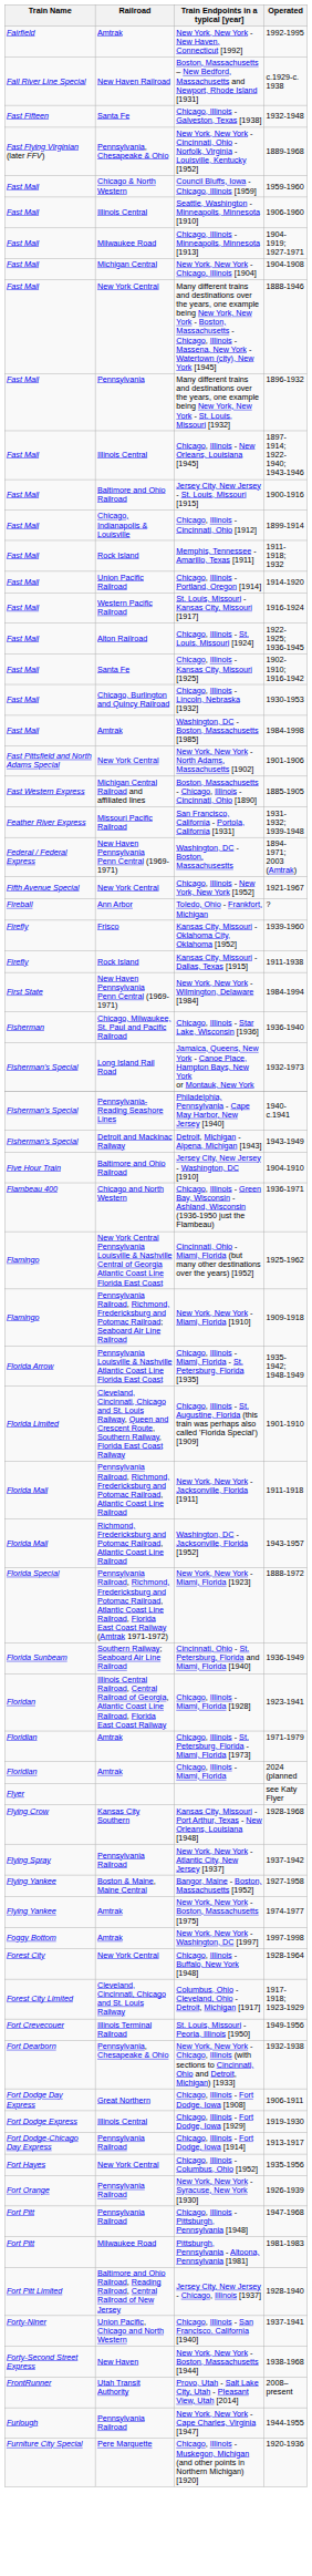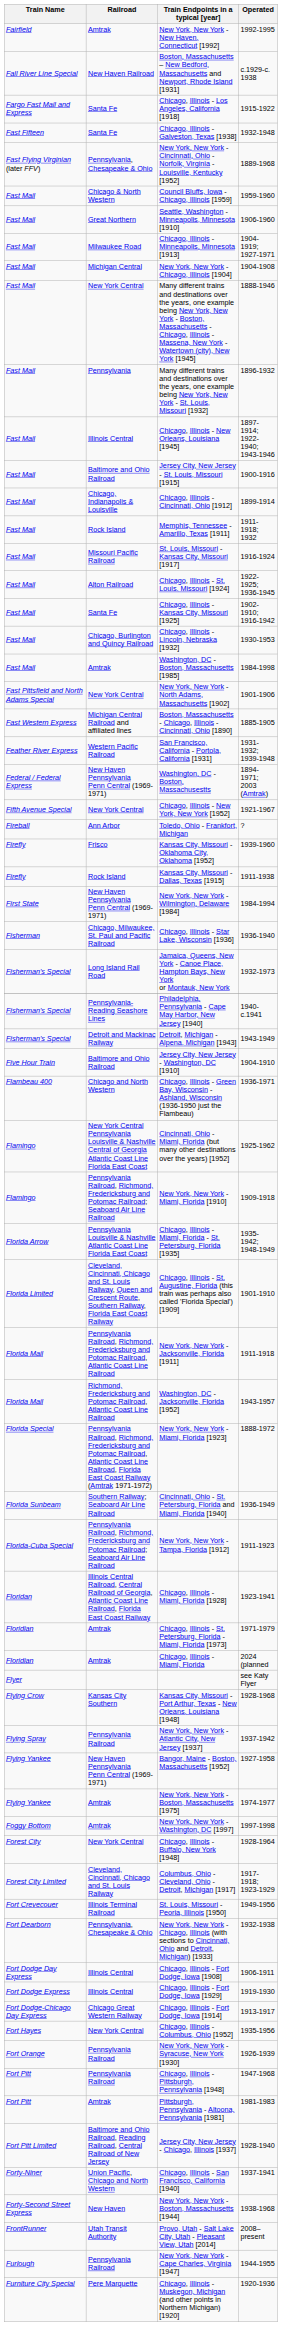 <table class="wikitable">
 <tr valign="top">
 <th width="175px">Train Name</th>
 <th>Railroad</th>
 <th>Train Endpoints in a typical [year]</th>
 <th>Operated</th>
 </tr>
 <tr valign="top">
 <td><a href='#'><em>Fairfield</em></a></td>
 <td><a href='#'>Amtrak</a></td>
 <td><a href='#'>New York, New York</a> - <a href='#'>New Haven, Connecticut</a> [1992]</td>
 <td>1992-1995</td>
 </tr>
 <tr>
 <td><em><a href='#'>Fall River Line Special</a></em></td>
 <td><a href='#'>New Haven Railroad</a></td>
 <td><a href='#'>Boston, Massachusetts</a> – <a href='#'>New Bedford, Massachusetts</a> and <a href='#'>Newport, Rhode Island</a> [1931]</td>
 <td>c.1929-c. 1938</td>
+</tr>
+<tr>
+<td><em><a href='#'>Fargo Fast Mail and Express</a></em></td>
+<td><a href='#'>Santa Fe</a></td>
+<td><a href='#'>Chicago</a>, <a href='#'>Illinois</a> - <a href='#'>Los Angeles, California</a> [1918]</td>
+<td>1915-1922</td>
 </tr>
 <tr>
 <td><em><a href='#'>Fast Fifteen</a></em></td>
 <td><a href='#'>Santa Fe</a></td>
 <td><a href='#'>Chicago, Illinois</a> - <a href='#'>Galveston, Texas</a> [1938]</td>
 <td>1932-1948</td>
 </tr>
 <tr>
 <td><em><a href='#'>Fast Flying Virginian</a></em> (later <em>FFV</em>)</td>
 <td><a href='#'>Pennsylvania</a>, <a href='#'>Chesapeake & Ohio</a></td>
 <td><a href='#'>New York, New York</a> - <a href='#'>Cincinnati, Ohio</a> - <a href='#'>Norfolk, Virginia</a> - <a href='#'>Louisville, Kentucky</a> [1952]</td>
 <td>1889-1968</td>
 </tr>
 <tr>
 <td><em><a href='#'>Fast Mail</a></em></td>
 <td><a href='#'>Chicago & North Western</a></td>
 <td><a href='#'>Council Bluffs, Iowa</a> - <a href='#'>Chicago, Illinois</a> [1959]</td>
 <td>1959-1960</td>
 </tr>
 <tr>
 <td><em><a href='#'>Fast Mail</a></em></td>
-<td><a href='#'>Illinois Central</a></td>
+<td><a href='#'>Great Northern</a></td>
 <td><a href='#'>Seattle, Washington</a> - <a href='#'>Minneapolis, Minnesota</a> [1910]</td>
 <td>1906-1960</td>
 </tr>
 <tr>
 <td><em><a href='#'>Fast Mail</a></em></td>
 <td><a href='#'>Milwaukee Road</a></td>
 <td><a href='#'>Chicago, Illinois</a> - <a href='#'>Minneapolis, Minnesota</a> [1913]</td>
 <td>1904-1919; 1927-1971</td>
 </tr>
 <tr valign="top">
 <td><em><a href='#'>Fast Mail</a></em></td>
 <td><a href='#'>Michigan Central</a></td>
 <td><a href='#'>New York, New York</a> - <a href='#'>Chicago, Illinois</a> [1904]</td>
 <td>1904-1908</td>
 </tr>
 <tr valign="top">
 <td><em><a href='#'>Fast Mail</a></em></td>
 <td><a href='#'>New York Central</a></td>
 <td>Many different trains and destinations over the years, one example being <a href='#'>New York, New York</a> - <a href='#'>Boston, Massachusetts</a> - <a href='#'>Chicago</a>, <a href='#'>Illinois</a> - <a href='#'>Massena, New York</a> - <a href='#'>Watertown (city), New York</a> [1945]</td>
 <td>1888-1946</td>
 </tr>
 <tr valign="top">
 <td><a href='#'><em>Fast Mail</em></a></td>
 <td><a href='#'>Pennsylvania</a></td>
 <td>Many different trains and destinations over the years, one example being <a href='#'>New York, New York</a> - <a href='#'>St. Louis, Missouri</a> [1932]</td>
 <td>1896-1932</td>
 </tr>
 <tr>
 <td><a href='#'><em>Fast Mail</em></a></td>
 <td><a href='#'>Illinois Central</a></td>
 <td><a href='#'>Chicago</a>, <a href='#'>Illinois</a> - <a href='#'>New Orleans, Louisiana</a> [1945]</td>
 <td>1897-1914; 1922-1940; 1943-1946</td>
 </tr>
 <tr>
 <td><a href='#'><em>Fast Mail</em></a></td>
 <td><a href='#'>Baltimore and Ohio Railroad</a></td>
 <td><a href='#'>Jersey City, New Jersey</a> - <a href='#'>St. Louis, Missouri</a> [1915]</td>
 <td>1900-1916</td>
 </tr>
 <tr>
 <td><a href='#'><em>Fast Mail</em></a></td>
 <td><a href='#'>Chicago, Indianapolis & Louisville</a></td>
 <td><a href='#'>Chicago</a>, <a href='#'>Illinois</a> - <a href='#'>Cincinnati, Ohio</a> [1912]</td>
 <td>1899-1914</td>
 </tr>
 <tr>
 <td><a href='#'><em>Fast Mail</em></a></td>
 <td><a href='#'>Rock Island</a></td>
 <td><a href='#'>Memphis, Tennessee</a> - <a href='#'>Amarillo, Texas</a> [1911]</td>
 <td>1911-1918; 1932</td>
 </tr>
 <tr>
 <td><a href='#'><em>Fast Mail</em></a></td>
-<td><a href='#'>Union Pacific Railroad</a></td>
-<td><a href='#'>Chicago</a>, <a href='#'>Illinois</a> - <a href='#'>Portland, Oregon</a> [1914]</td>
-<td>1914-1920</td>
-</tr>
-<tr>
-<td><a href='#'><em>Fast Mail</em></a></td>
-<td><a href='#'>Western Pacific Railroad</a></td>
+<td><a href='#'>Missouri Pacific Railroad</a></td>
 <td><a href='#'>St. Louis, Missouri</a> - <a href='#'>Kansas City, Missouri</a> [1917]</td>
 <td>1916-1924</td>
 </tr>
 <tr>
 <td><a href='#'><em>Fast Mail</em></a></td>
 <td><a href='#'>Alton Railroad</a></td>
 <td><a href='#'>Chicago</a>, <a href='#'>Illinois</a> - <a href='#'>St. Louis, Missouri</a> [1924]</td>
 <td>1922-1925; 1936-1945</td>
 </tr>
 <tr>
 <td><a href='#'><em>Fast Mail</em></a></td>
 <td><a href='#'>Santa Fe</a></td>
 <td><a href='#'>Chicago</a>, <a href='#'>Illinois</a> - <a href='#'>Kansas City, Missouri</a> [1925]</td>
 <td>1902-1910; 1916-1942</td>
 </tr>
 <tr>
 <td><a href='#'><em>Fast Mail</em></a></td>
 <td><a href='#'>Chicago, Burlington and Quincy Railroad</a></td>
 <td><a href='#'>Chicago</a>, <a href='#'>Illinois</a> - <a href='#'>Lincoln, Nebraska</a> [1932]</td>
 <td>1930-1953</td>
 </tr>
 <tr>
 <td><a href='#'><em>Fast Mail</em></a></td>
 <td><a href='#'>Amtrak</a></td>
 <td><a href='#'>Washington, DC</a> - <a href='#'>Boston, Massachusetts</a> [1985]</td>
 <td>1984-1998</td>
 </tr>
 <tr>
 <td><em><a href='#'>Fast Pittsfield and North Adams Special</a></em></td>
 <td><a href='#'>New York Central</a></td>
 <td><a href='#'>New York, New York</a> - <a href='#'>North Adams, Massachusetts</a> [1902]</td>
 <td>1901-1906</td>
 </tr>
 <tr>
 <td><em><a href='#'>Fast Western Express</a></em></td>
 <td><a href='#'>Michigan Central Railroad</a> and affiliated lines</td>
 <td><a href='#'>Boston, Massachusetts</a> - <a href='#'>Chicago</a>, <a href='#'>Illinois</a> - <a href='#'>Cincinnati, Ohio</a> [1890]</td>
 <td>1885-1905</td>
 </tr>
 <tr>
 <td><em><a href='#'>Feather River Express</a></em></td>
-<td><a href='#'>Missouri Pacific Railroad</a></td>
+<td><a href='#'>Western Pacific Railroad</a></td>
 <td><a href='#'>San Francisco, California</a> - <a href='#'>Portola, California</a> [1931]</td>
 <td>1931-1932; 1939-1948</td>
 </tr>
 <tr>
 <td><a href='#'><em>Federal / Federal Express</em></a></td>
 <td><a href='#'>New Haven</a><br><a href='#'>Pennsylvania</a><br><a href='#'>Penn Central</a> (1969-1971)</td>
 <td><a href='#'>Washington, DC</a> - <a href='#'>Boston, Massachusestts</a></td>
 <td>1894-1971; 2003 (<a href='#'>Amtrak</a>)</td>
 </tr>
 <tr>
 <td><em><a href='#'>Fifth Avenue Special</a></em></td>
 <td><a href='#'>New York Central</a></td>
 <td><a href='#'>Chicago</a>, <a href='#'>Illinois</a> - <a href='#'>New York, New York</a> [1952]</td>
 <td>1921-1967</td>
 </tr>
 <tr valign="top">
 <td><em><a href='#'>Fireball</a></em></td>
 <td><a href='#'>Ann Arbor</a></td>
 <td><a href='#'>Toledo, Ohio</a> - <a href='#'>Frankfort, Michigan</a></td>
 <td>?</td>
 </tr>
 <tr valign="top">
 <td><em><a href='#'>Firefly</a></em></td>
 <td><a href='#'>Frisco</a></td>
 <td><a href='#'>Kansas City, Missouri</a> - <a href='#'>Oklahoma City, Oklahoma</a> [1952]</td>
 <td>1939-1960</td>
 </tr>
 <tr>
 <td><a href='#'><em>Firefly</em></a></td>
 <td><a href='#'>Rock Island</a></td>
 <td><a href='#'>Kansas City, Missouri</a> - <a href='#'>Dallas, Texas</a> [1915]</td>
 <td>1911-1938</td>
 </tr>
 <tr>
 <td><a href='#'><em>First State</em></a></td>
 <td><a href='#'>New Haven</a><br><a href='#'>Pennsylvania</a><br><a href='#'>Penn Central</a> (1969-1971)</td>
 <td><a href='#'>New York, New York</a> - <a href='#'>Wilmington, Delaware</a> [1984]</td>
 <td>1984-1994</td>
 </tr>
 <tr>
 <td><a href='#'><em>Fisherman</em></a></td>
 <td><a href='#'>Chicago, Milwaukee, St. Paul and Pacific Railroad</a></td>
 <td><a href='#'>Chicago</a>, <a href='#'>Illinois</a> - <a href='#'>Star Lake, Wisconsin</a> [1936]</td>
 <td>1936-1940</td>
 </tr>
 <tr>
 <td><em><a href='#'>Fisherman's Special</a></em></td>
 <td><a href='#'>Long Island Rail Road</a></td>
 <td><a href='#'>Jamaica, Queens, New York</a> - <a href='#'>Canoe Place, Hampton Bays, New York</a><br>or <a href='#'>Montauk, New York</a></td>
 <td>1932-1973</td>
 </tr>
 <tr valign="top">
 </tr>
 <tr>
 <td><em><a href='#'>Fisherman's Special</a></em></td>
 <td><a href='#'>Pennsylvania-Reading Seashore Lines</a></td>
 <td><a href='#'>Philadelphia, Pennsylvania</a> - <a href='#'>Cape May Harbor, New Jersey</a> [1940]</td>
 <td>1940-c.1941</td>
 </tr>
 <tr>
 <td><em><a href='#'>Fisherman's Special</a> </em></td>
 <td><a href='#'>Detroit and Mackinac Railway</a></td>
 <td><a href='#'>Detroit</a>, <a href='#'>Michigan</a> - <a href='#'>Alpena, Michigan</a> [1943]</td>
 <td>1943-1949</td>
 </tr>
 <tr>
 <td><em><a href='#'>Five Hour Train</a></em></td>
 <td><a href='#'>Baltimore and Ohio Railroad</a></td>
 <td><a href='#'>Jersey City, New Jersey</a> - <a href='#'>Washington, DC</a> [1910]</td>
 <td>1904-1910</td>
 </tr>
 <tr valign="top">
 <td><em><a href='#'>Flambeau 400</a></em></td>
 <td><a href='#'>Chicago and North Western</a></td>
 <td><a href='#'>Chicago</a>, <a href='#'>Illinois</a> - <a href='#'>Green Bay, Wisconsin</a> - <a href='#'>Ashland, Wisconsin</a> (1936-1950 just the Flambeau)</td>
 <td>1936-1971</td>
 </tr>
 <tr>
 <td><em><a href='#'>Flamingo</a></em></td>
 <td><a href='#'>New York Central</a><br><a href='#'>Pennsylvania</a><br><a href='#'>Louisville & Nashville</a><br><a href='#'>Central of Georgia</a><br><a href='#'>Atlantic Coast Line</a><br><a href='#'>Florida East Coast</a></td>
 <td><a href='#'>Cincinnati, Ohio</a> - <a href='#'>Miami, Florida</a> (but many other destinations over the years) [1952]</td>
 <td>1925-1962</td>
 </tr>
 <tr>
 <td><a href='#'><em>Flamingo</em></a></td>
 <td><a href='#'>Pennsylvania Railroad</a>, <a href='#'>Richmond, Fredericksburg and Potomac Railroad</a>; <a href='#'>Seaboard Air Line Railroad</a></td>
 <td><a href='#'>New York, New York</a> - <a href='#'>Miami, Florida</a> [1910]</td>
 <td>1909-1918</td>
 </tr>
 <tr>
 <td><em><a href='#'>Florida Arrow</a></em></td>
 <td><a href='#'>Pennsylvania</a><br><a href='#'>Louisville & Nashville</a><br><a href='#'>Atlantic Coast Line</a><br><a href='#'>Florida East Coast</a></td>
 <td><a href='#'>Chicago</a>, <a href='#'>Illinois</a> - <a href='#'>Miami, Florida</a> - <a href='#'>St. Petersburg, Florida</a> [1935]</td>
 <td>1935-1942; 1948-1949</td>
 </tr>
 <tr>
 <td><a href='#'><em>Florida Limited</em></a></td>
 <td><a href='#'>Cleveland, Cincinnati, Chicago and St. Louis Railway</a>, <a href='#'>Queen and Crescent Route</a>, <a href='#'>Southern Railway</a>, <a href='#'>Florida East Coast Railway</a></td>
 <td><a href='#'>Chicago</a>, <a href='#'>Illinois</a> - <a href='#'>St. Augustine, Florida</a> (this train was perhaps also called 'Florida Special') [1909]</td>
 <td>1901-1910</td>
 </tr>
 <tr>
 <td><a href='#'><em>Florida Mail</em></a></td>
 <td><a href='#'>Pennsylvania Railroad</a>, <a href='#'>Richmond, Fredericksburg and Potomac Railroad</a>, <a href='#'>Atlantic Coast Line Railroad</a></td>
 <td><a href='#'>New York, New York</a> - <a href='#'>Jacksonville, Florida</a> [1911]</td>
 <td>1911-1918</td>
 </tr>
 <tr>
 <td><a href='#'><em>Florida Mail</em></a></td>
 <td><a href='#'>Richmond, Fredericksburg and Potomac Railroad</a>, <a href='#'>Atlantic Coast Line Railroad</a></td>
 <td><a href='#'>Washington, DC</a> - <a href='#'>Jacksonville, Florida</a> [1952]</td>
 <td>1943-1957</td>
 </tr>
 <tr valign="top">
 <td><em><a href='#'>Florida Special</a></em></td>
 <td><a href='#'>Pennsylvania Railroad</a>, <a href='#'>Richmond, Fredericksburg and Potomac Railroad</a>, <a href='#'>Atlantic Coast Line Railroad</a>, <a href='#'>Florida East Coast Railway</a> (<a href='#'>Amtrak</a> 1971-1972)</td>
 <td><a href='#'>New York, New York</a> - <a href='#'>Miami, Florida</a> [1923]</td>
 <td>1888-1972</td>
 </tr>
 <tr>
 <td><em><a href='#'>Florida Sunbeam</a></em></td>
 <td><a href='#'>Southern Railway</a>; <a href='#'>Seaboard Air Line Railroad</a></td>
 <td><a href='#'>Cincinnati, Ohio</a> - <a href='#'>St. Petersburg, Florida</a> and <a href='#'>Miami, Florida</a> [1940]</td>
 <td>1936-1949</td>
 </tr>
 <tr>
+<td><em><a href='#'>Florida-Cuba Special</a></em></td>
+<td><a href='#'>Pennsylvania Railroad</a>, <a href='#'>Richmond, Fredericksburg and Potomac Railroad</a>; <a href='#'>Seaboard Air Line Railroad</a></td>
+<td><a href='#'>New York, New York</a> - <a href='#'>Tampa, Florida</a> [1912]</td>
+<td>1911-1923</td>
+</tr>
+<tr>
 <td><a href='#'><em>Floridan</em></a></td>
 <td><a href='#'>Illinois Central Railroad</a>, <a href='#'>Central Railroad of Georgia</a>, <a href='#'>Atlantic Coast Line Railroad</a>, <a href='#'>Florida East Coast Railway</a></td>
 <td><a href='#'>Chicago</a>, <a href='#'>Illinois</a> - <a href='#'>Miami, Florida</a> [1928]</td>
 <td>1923-1941</td>
 </tr>
 <tr valign="top">
 <td><em><a href='#'>Floridian</a></em></td>
 <td><a href='#'>Amtrak</a></td>
 <td><a href='#'>Chicago</a>, <a href='#'>Illinois</a> - <a href='#'>St. Petersburg, Florida</a> - <a href='#'>Miami, Florida</a> [1973]</td>
 <td>1971-1979</td>
 </tr>
 <tr>
 <td><em><a href='#'>Floridian</a></em></td>
 <td><a href='#'>Amtrak</a></td>
 <td><a href='#'>Chicago</a>, <a href='#'>Illinois</a> - <a href='#'>Miami, Florida</a></td>
 <td>2024 (planned</td>
 </tr>
 <tr>
 <td><a href='#'><em>Flyer</em></a></td>
 <td></td>
 <td></td>
 <td>see Katy Flyer</td>
 </tr>
 <tr valign="top">
 <td><em><a href='#'>Flying Crow</a></em></td>
 <td><a href='#'>Kansas City Southern</a></td>
 <td><a href='#'>Kansas City, Missouri</a> - <a href='#'>Port Arthur, Texas</a> - <a href='#'>New Orleans, Louisiana</a> [1948]</td>
 <td>1928-1968</td>
 </tr>
 <tr>
 <td><em><a href='#'>Flying Spray</a></em></td>
 <td><a href='#'>Pennsylvania Railroad</a></td>
 <td><a href='#'>New York, New York</a> - <a href='#'>Atlantic City, New Jersey</a> [1937]</td>
 <td>1937-1942</td>
 </tr>
 <tr valign="top">
 <td><em><a href='#'>Flying Yankee</a></em></td>
-<td><a href='#'>Boston & Maine</a>, <a href='#'>Maine Central</a></td>
+<td><a href='#'>New Haven</a><br><a href='#'>Pennsylvania</a><br><a href='#'>Penn Central</a> (1969-1971)</td>
 <td><a href='#'>Bangor, Maine</a> - <a href='#'>Boston, Massachusetts</a> [1952]</td>
 <td>1927-1958</td>
 </tr>
 <tr>
 <td><a href='#'><em>Flying Yankee</em></a></td>
 <td><a href='#'>Amtrak</a></td>
 <td><a href='#'>New York, New York</a> - <a href='#'>Boston, Massachusetts</a> [1975]</td>
 <td>1974-1977</td>
 </tr>
 <tr>
 <td><a href='#'><em>Foggy Bottom</em></a></td>
 <td><a href='#'>Amtrak</a></td>
 <td><a href='#'>New York, New York</a> - <a href='#'>Washington, DC</a> [1997]</td>
 <td>1997-1998</td>
 </tr>
 <tr valign="top">
 <td><em><a href='#'>Forest City</a></em></td>
 <td><a href='#'>New York Central</a></td>
 <td><a href='#'>Chicago</a>, <a href='#'>Illinois</a> - <a href='#'>Buffalo, New York</a> [1948]</td>
 <td>1928-1964</td>
 </tr>
 <tr>
 <td><em><a href='#'>Forest City Limited</a></em></td>
 <td><a href='#'>Cleveland, Cincinnati, Chicago and St. Louis Railway</a></td>
 <td><a href='#'>Columbus, Ohio</a> - <a href='#'>Cleveland, Ohio</a> - <a href='#'>Detroit</a>, <a href='#'>Michigan</a> [1917]</td>
 <td>1917-1918; 1923-1929</td>
 </tr>
 <tr valign="top">
 <td><em><a href='#'>Fort Crevecouer</a></em></td>
 <td><a href='#'>Illinois Terminal Railroad</a></td>
 <td><a href='#'>St. Louis, Missouri</a> - <a href='#'>Peoria, Illinois</a> [1950]</td>
 <td>1949-1956</td>
 </tr>
 <tr valign="top">
 <td><em><a href='#'>Fort Dearborn</a></em></td>
 <td><a href='#'>Pennsylvania</a>, <a href='#'>Chesapeake & Ohio</a></td>
 <td><a href='#'>New York, New York</a> - <a href='#'>Chicago</a>, <a href='#'>Illinois</a> (with sections to <a href='#'>Cincinnati, Ohio</a> and <a href='#'>Detroit</a>, <a href='#'>Michigan</a>) [1933]</td>
 <td>1932-1938</td>
 </tr>
 <tr>
 <td><em><a href='#'>Fort Dodge Day Express</a></em></td>
-<td><a href='#'>Great Northern</a></td>
+<td><a href='#'>Illinois Central</a></td>
 <td><a href='#'>Chicago</a>, <a href='#'>Illinois</a> - <a href='#'>Fort Dodge, Iowa</a> [1908]</td>
 <td>1906-1911</td>
 </tr>
 <tr>
 <td><em><a href='#'>Fort Dodge Express</a></em></td>
 <td><a href='#'>Illinois Central</a></td>
 <td><a href='#'>Chicago</a>, <a href='#'>Illinois</a> - <a href='#'>Fort Dodge, Iowa</a> [1929]</td>
 <td>1919-1930</td>
 </tr>
 <tr>
 <td><em><a href='#'>Fort Dodge-Chicago Day Express</a></em></td>
-<td><a href='#'>Pennsylvania Railroad</a></td>
+<td><a href='#'>Chicago Great Western Railway</a></td>
 <td><a href='#'>Chicago</a>, <a href='#'>Illinois</a> - <a href='#'>Fort Dodge, Iowa</a> [1914]</td>
 <td>1913-1917</td>
 </tr>
 <tr>
 <td><a href='#'><em>Fort Hayes</em></a></td>
 <td><a href='#'>New York Central</a></td>
 <td><a href='#'>Chicago</a>, <a href='#'>Illinois</a> - <a href='#'>Columbus, Ohio</a> [1952]</td>
 <td>1935-1956</td>
 </tr>
 <tr>
 <td><a href='#'><em>Fort Orange</em></a></td>
 <td><a href='#'>Pennsylvania Railroad</a></td>
 <td><a href='#'>New York, New York</a> - <a href='#'>Syracuse, New York</a> [1930]</td>
 <td>1926-1939</td>
 </tr>
 <tr valign="top">
 <td><em><a href='#'>Fort Pitt</a></em></td>
 <td><a href='#'>Pennsylvania Railroad</a></td>
 <td><a href='#'>Chicago</a>, <a href='#'>Illinois</a> - <a href='#'>Pittsburgh, Pennsylvania</a> [1948]</td>
 <td>1947-1968</td>
 </tr>
 <tr valign="top">
 <td><em><a href='#'>Fort Pitt</a></em></td>
-<td><a href='#'>Milwaukee Road</a></td>
+<td><a href='#'>Amtrak</a></td>
 <td><a href='#'>Pittsburgh, Pennsylvania</a> - <a href='#'>Altoona, Pennsylvania</a> [1981]</td>
 <td>1981-1983</td>
 </tr>
 <tr>
 <td><em><a href='#'>Fort Pitt Limited</a></em></td>
 <td><a href='#'>Baltimore and Ohio Railroad</a>, <a href='#'>Reading Railroad</a>, <a href='#'>Central Railroad of New Jersey</a></td>
 <td><a href='#'>Jersey City, New Jersey</a> - <a href='#'>Chicago</a>, <a href='#'>Illinois</a> [1937]</td>
 <td>1928-1940</td>
 </tr>
 <tr valign="top">
 <td><em><a href='#'>Forty-Niner</a></em></td>
 <td><a href='#'>Union Pacific</a>, <a href='#'>Chicago and North Western</a></td>
 <td><a href='#'>Chicago</a>, <a href='#'>Illinois</a> - <a href='#'>San Francisco, California</a> [1940]</td>
 <td>1937-1941</td>
 </tr>
 <tr>
 <td><em><a href='#'>Forty-Second Street Express</a></em></td>
 <td><a href='#'>New Haven</a></td>
 <td><a href='#'>New York, New York</a> - <a href='#'>Boston, Massachusetts</a> [1944]</td>
 <td>1938-1968</td>
 </tr>
 <tr valign="top">
 <td><em><a href='#'>FrontRunner</a></em></td>
 <td><a href='#'>Utah Transit Authority</a></td>
 <td><a href='#'>Provo, Utah</a> - <a href='#'>Salt Lake City, Utah</a> - <a href='#'>Pleasant View, Utah</a> [2014]</td>
 <td>2008–present</td>
 </tr>
 <tr>
 <td><a href='#'><em>Furlough</em></a></td>
 <td><a href='#'>Pennsylvania Railroad</a></td>
 <td><a href='#'>New York, New York</a> - <a href='#'>Cape Charles, Virginia</a> [1947]</td>
 <td>1944-1955</td>
 </tr>
 <tr valign="top">
 <td><em><a href='#'>Furniture City Special</a></em></td>
 <td><a href='#'>Pere Marquette</a></td>
 <td><a href='#'>Chicago</a>, <a href='#'>Illinois</a> - <a href='#'>Muskegon, Michigan</a> (and other points in Northern Michigan) [1920]</td>
 <td>1920-1936</td>
 </tr>
 </table>
